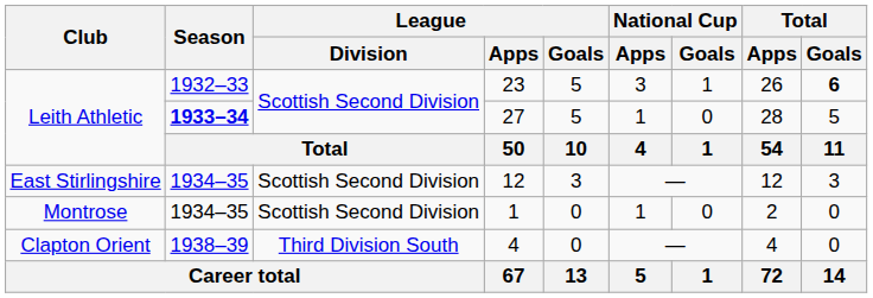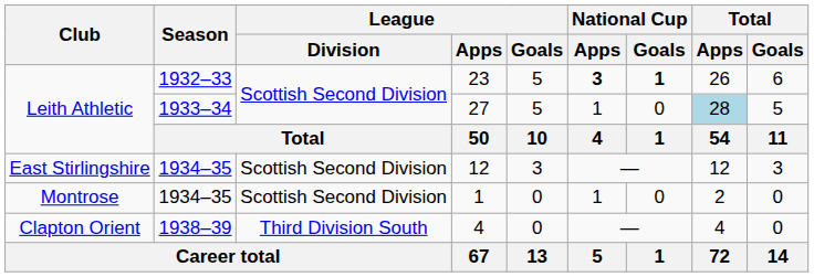 <table class="wikitable" style="text-align:center">
 <tr>
 <th rowspan="2">Club</th>
 <th rowspan="2">Season</th>
 <th colspan="3">League</th>
 <th colspan="2">National Cup</th>
 <th colspan="2">Total</th>
 </tr>
 <tr>
 <th>Division</th>
 <th>Apps</th>
 <th>Goals</th>
 <th>Apps</th>
 <th>Goals</th>
 <th>Apps</th>
 <th>Goals</th>
 </tr>
 <tr>
 <td rowspan="3"><a href='#'>Leith Athletic</a></td>
 <td><a href='#'>1932–33</a></td>
 <td rowspan="2"><a href='#'>Scottish Second Division</a></td>
 <td>23</td>
 <td>5</td>
-<td>3</td>
-<td>1</td>
+<td><strong>3</strong></td>
+<td><strong>1</strong></td>
 <td>26</td>
-<td><strong>6</strong></td>
+<td>6</td>
 </tr>
 <tr>
-<td><strong><a href='#'>1933–34</a></strong></td>
+<td><a href='#'>1933–34</a></td>
 <td>27</td>
 <td>5</td>
 <td>1</td>
 <td>0</td>
-<td>28</td>
+<td style="background: lightblue;">28</td>
 <td>5</td>
 </tr>
 <tr>
 <th colspan="2">Total</th>
 <th>50</th>
 <th>10</th>
 <th>4</th>
 <th>1</th>
 <th>54</th>
 <th>11</th>
 </tr>
 <tr>
 <td><a href='#'>East Stirlingshire</a></td>
 <td><a href='#'>1934–35</a></td>
 <td>Scottish Second Division</td>
 <td>12</td>
 <td>3</td>
 <td colspan="2">―</td>
 <td>12</td>
 <td>3</td>
 </tr>
 <tr>
 <td><a href='#'>Montrose</a></td>
 <td>1934–35</td>
 <td>Scottish Second Division</td>
 <td>1</td>
 <td>0</td>
 <td>1</td>
 <td>0</td>
 <td>2</td>
 <td>0</td>
 </tr>
 <tr>
 <td><a href='#'>Clapton Orient</a></td>
 <td><a href='#'>1938–39</a></td>
 <td><a href='#'>Third Division South</a></td>
 <td>4</td>
 <td>0</td>
 <td colspan="2">―</td>
 <td>4</td>
 <td>0</td>
 </tr>
 <tr>
 <th colspan="3">Career total</th>
 <th>67</th>
 <th>13</th>
 <th>5</th>
 <th>1</th>
 <th>72</th>
 <th>14</th>
 </tr>
 </table>
